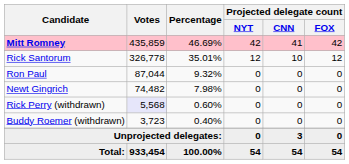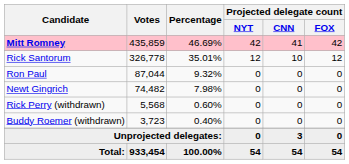 <table class="wikitable" style="text-align:right;">
 <tr>
 <th rowspan="2">Candidate</th>
 <th rowspan="2">Votes</th>
 <th rowspan="2">Percentage</th>
 <th colspan="3">Projected delegate count</th>
 </tr>
 <tr>
 <th><a href='#'>NYT</a></th>
 <th><a href='#'>CNN</a><br></th>
 <th><a href='#'>FOX</a></th>
 </tr>
 <tr>
 <td bgcolor="pink" align="left"> <strong><a href='#'>Mitt Romney</a></strong></td>
 <td bgcolor="pink">435,859</td>
 <td bgcolor="pink">46.69%</td>
 <td bgcolor="pink">42</td>
 <td bgcolor="pink">41</td>
 <td bgcolor="pink">42</td>
 </tr>
 <tr>
 <td align="left"><a href='#'>Rick Santorum</a></td>
 <td>326,778</td>
 <td>35.01%</td>
 <td>12</td>
 <td>10</td>
 <td>12</td>
 </tr>
 <tr>
 <td align="left"><a href='#'>Ron Paul</a></td>
 <td>87,044</td>
 <td>9.32%</td>
 <td>0</td>
 <td>0</td>
 <td>0</td>
 </tr>
 <tr>
 <td align="left"><a href='#'>Newt Gingrich</a></td>
 <td>74,482</td>
 <td>7.98%</td>
 <td>0</td>
 <td>0</td>
 <td>0</td>
 </tr>
 <tr>
 <td align="left"><a href='#'>Rick Perry</a> (withdrawn)</td>
-<td style="background: lavender;">5,568</td>
+<td>5,568</td>
 <td>0.60%</td>
 <td>0</td>
 <td>0</td>
 <td>0</td>
 </tr>
 <tr>
 <td align="left"><a href='#'>Buddy Roemer</a> (withdrawn)</td>
 <td>3,723</td>
 <td>0.40%</td>
 <td>0</td>
 <td>0</td>
 <td>0</td>
 </tr>
 <tr>
 </tr>
 <tr bgcolor="#eeeeee">
 <td colspan="3"><strong>Unprojected delegates:</strong></td>
 <td><strong>0</strong></td>
 <td><strong>3</strong></td>
 <td><strong>0</strong></td>
 </tr>
 <tr bgcolor="#eeeeee">
 <td><strong>Total:</strong></td>
 <td><strong>933,454</strong></td>
 <td><strong>100.00%</strong></td>
 <td><strong>54</strong></td>
 <td><strong>54</strong></td>
 <td><strong>54</strong></td>
 </tr>
 </table>
